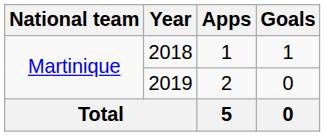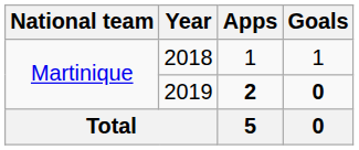 <table class="wikitable" style="text-align:center">
 <tr>
 <th>National team</th>
 <th>Year</th>
 <th>Apps</th>
 <th>Goals</th>
 </tr>
 <tr>
 <td rowspan="2"><a href='#'>Martinique</a></td>
 <td>2018</td>
 <td>1</td>
 <td>1</td>
 </tr>
 <tr>
 <td>2019</td>
-<td>2</td>
-<td>0</td>
+<td><strong>2</strong></td>
+<td><strong>0</strong></td>
 </tr>
 <tr>
 <th colspan="2">Total</th>
 <th>5</th>
 <th>0</th>
 </tr>
 </table>
